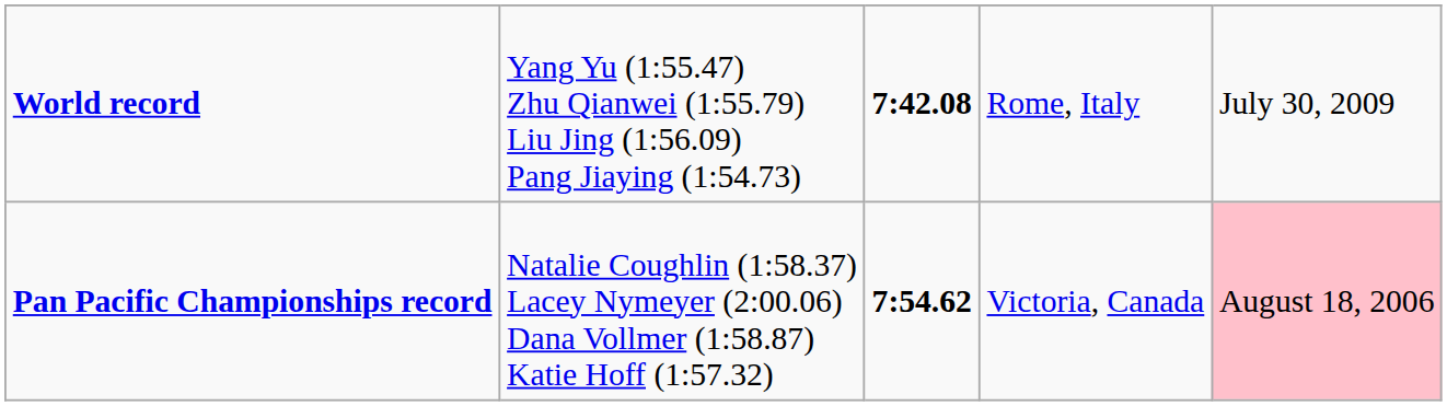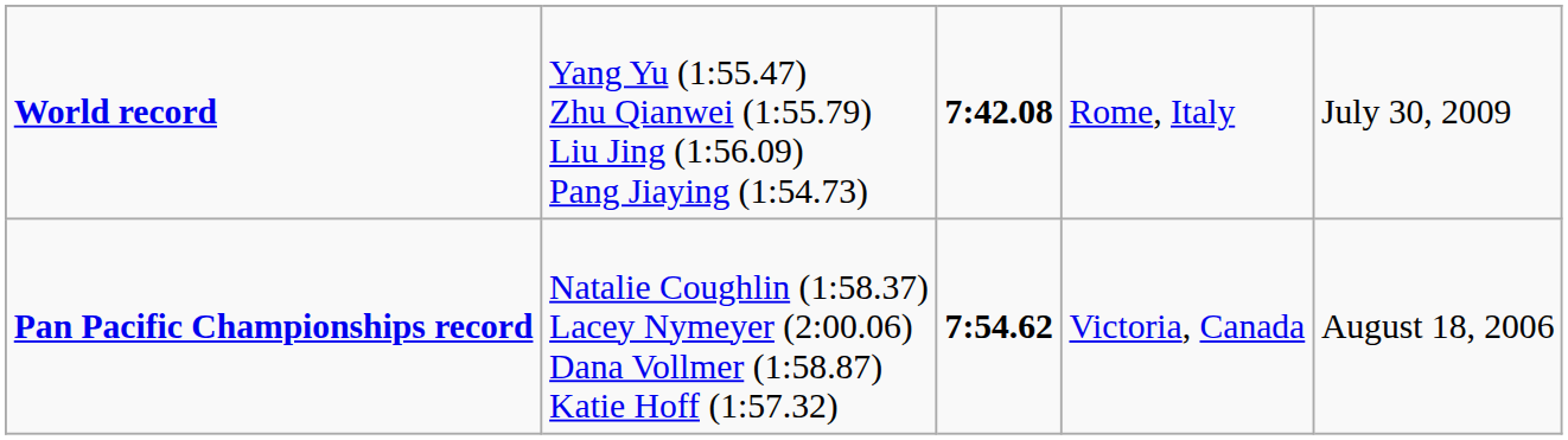 <table class="wikitable">
 <tr>
 <td><strong><a href='#'>World record</a></strong></td>
 <td><br><a href='#'>Yang Yu</a> (1:55.47)<br><a href='#'>Zhu Qianwei</a> (1:55.79)<br><a href='#'>Liu Jing</a> (1:56.09)<br><a href='#'>Pang Jiaying</a> (1:54.73)</td>
 <td><strong>7:42.08</strong></td>
 <td><a href='#'>Rome</a>, <a href='#'>Italy</a></td>
 <td>July 30, 2009</td>
 </tr>
 <tr>
 <td><strong><a href='#'>Pan Pacific Championships record</a></strong></td>
 <td><br><a href='#'>Natalie Coughlin</a> (1:58.37)<br><a href='#'>Lacey Nymeyer</a> (2:00.06)<br><a href='#'>Dana Vollmer</a> (1:58.87)<br><a href='#'>Katie Hoff</a> (1:57.32)</td>
 <td><strong>7:54.62</strong></td>
 <td><a href='#'>Victoria</a>, <a href='#'>Canada</a></td>
-<td style="background: pink;">August 18, 2006</td>
+<td>August 18, 2006</td>
 </tr>
 </table>
